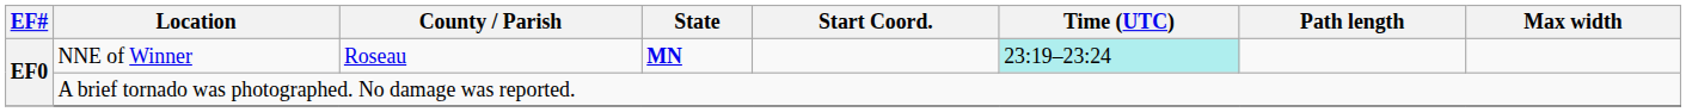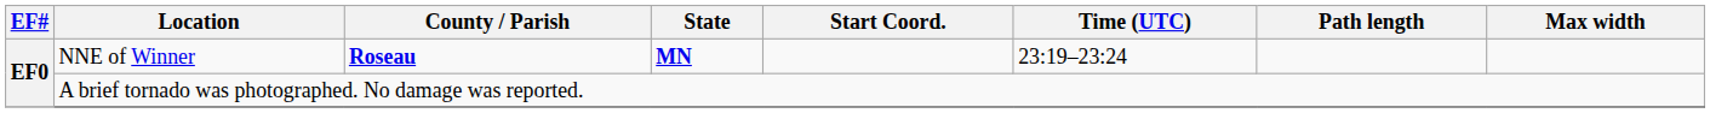 <table class="wikitable sortable" style="width:100%;">
 <tr>
 <th scope="col" width="2%" align="center"><a href='#'>EF#</a></th>
 <th scope="col" align="center" class="unsortable">Location</th>
 <th scope="col" align="center" class="unsortable">County / Parish</th>
 <th scope="col" align="center">State</th>
 <th scope="col" align="center">Start Coord.</th>
 <th scope="col" align="center">Time (<a href='#'>UTC</a>)</th>
 <th scope="col" align="center">Path length</th>
 <th scope="col" align="center">Max width</th>
 </tr>
 <tr>
 <th scope="row" rowspan="2" style="background-color:#">EF0</th>
 <td>NNE of <a href='#'>Winner</a></td>
-<td><a href='#'>Roseau</a></td>
+<td><strong><a href='#'>Roseau</a></strong></td>
 <td><strong><a href='#'>MN</a></strong></td>
 <td></td>
-<td style="background: paleturquoise;">23:19–23:24</td>
+<td>23:19–23:24</td>
 <td></td>
 <td></td>
 </tr>
 <tr class="expand-child">
 <td colspan="8" style=" border-bottom: 1px solid black;">A brief tornado was photographed. No damage was reported.</td>
 </tr>
 <tr>
 </tr>
 </table>
